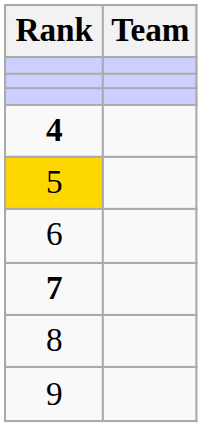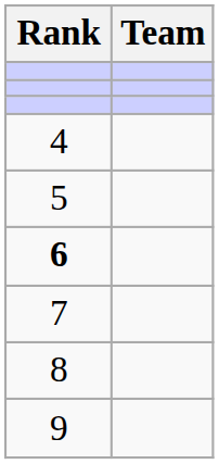 <table class="wikitable" style="text-align: center;">
 <tr>
 <th width=40>Rank</th>
 <th>Team</th>
 </tr>
 <tr align=center, bgcolor=#cccfff>
 <td></td>
 <td style="text-align:left;"></td>
 </tr>
 <tr align=center, bgcolor=#cccfff>
 <td></td>
 <td style="text-align:left;"></td>
 </tr>
 <tr align=center, bgcolor=#cccfff>
 <td></td>
 <td style="text-align:left;"></td>
 </tr>
 <tr align=center>
-<td><strong>4</strong></td>
+<td>4</td>
 <td style="text-align:left;"></td>
 </tr>
 <tr align=center>
-<td style="background: gold;">5</td>
+<td>5</td>
 <td style="text-align:left;"></td>
 </tr>
 <tr align=center>
-<td>6</td>
+<td><strong>6</strong></td>
 <td style="text-align:left;"></td>
 </tr>
 <tr align=center>
-<td><strong>7</strong></td>
+<td>7</td>
 <td style="text-align:left;"></td>
 </tr>
 <tr align=center>
 <td>8</td>
 <td style="text-align:left;"></td>
 </tr>
 <tr align=center>
 <td>9</td>
 <td style="text-align:left;"></td>
 </tr>
 </table>
